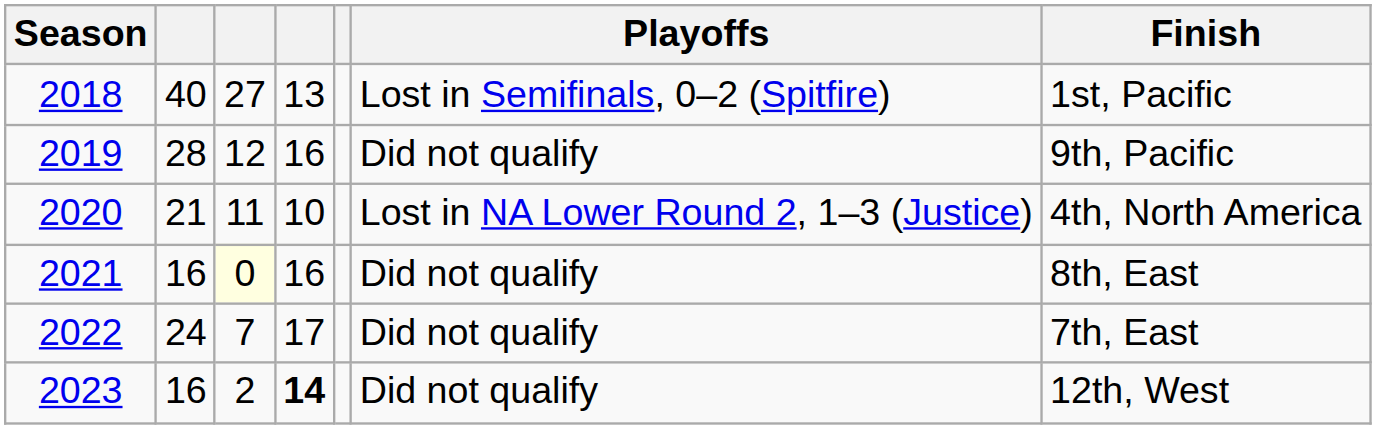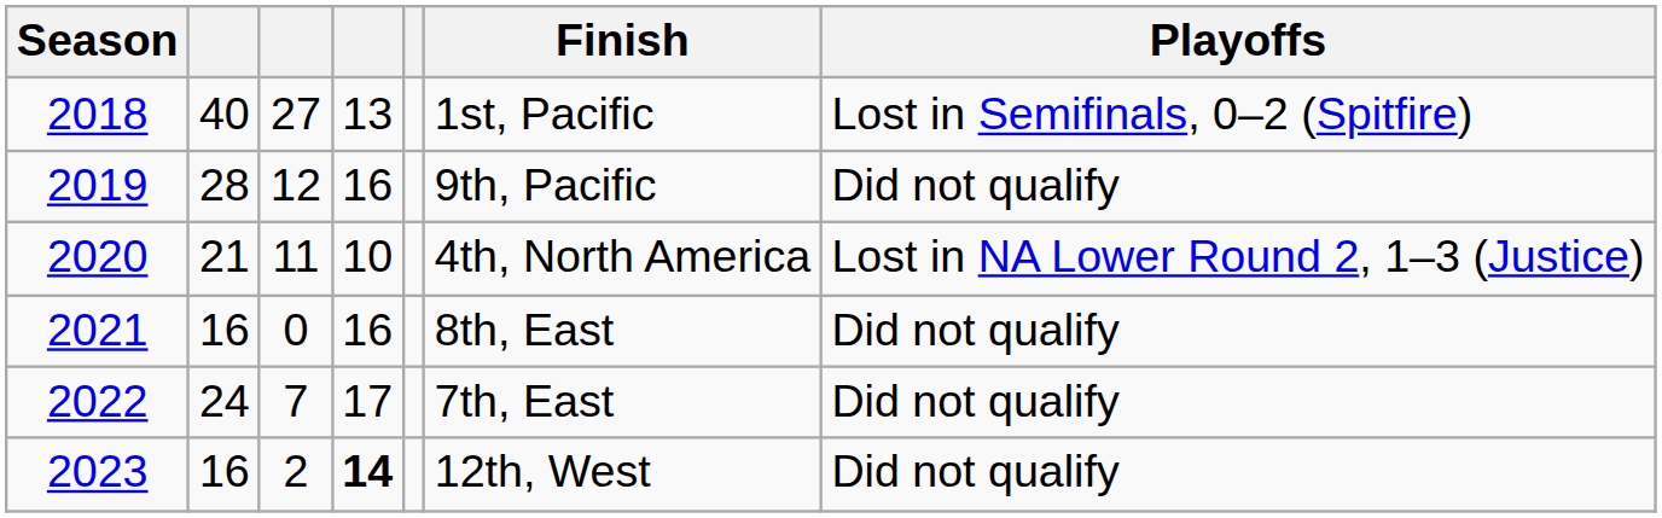 <table class="wikitable" style="text-align:center;">
 <tr>
 <th style="background:#">Season</th>
 <th style="background:#"></th>
 <th style="background:#"></th>
 <th style="background:#"></th>
 <th style="background:#"></th>
+<th style="background:#">Finish</th>
 <th style="background:#">Playoffs</th>
-<th style="background:#">Finish</th>
 </tr>
 <tr>
 <td><a href='#'>2018</a></td>
 <td>40</td>
 <td>27</td>
 <td>13</td>
 <td></td>
+<td style="text-align:left">1st, Pacific</td>
 <td style="text-align:left">Lost in <a href='#'>Semifinals</a>, 0–2 (<a href='#'>Spitfire</a>)</td>
-<td style="text-align:left">1st, Pacific</td>
 </tr>
 <tr>
 <td><a href='#'>2019</a></td>
 <td>28</td>
 <td>12</td>
 <td>16</td>
 <td></td>
+<td style="text-align:left">9th, Pacific</td>
 <td style="text-align:left">Did not qualify</td>
-<td style="text-align:left">9th, Pacific</td>
 </tr>
 <tr>
 <td><a href='#'>2020</a></td>
 <td>21</td>
 <td>11</td>
 <td>10</td>
 <td></td>
+<td style="text-align:left">4th, North America</td>
 <td style="text-align:left">Lost in <a href='#'>NA Lower Round 2</a>, 1–3 (<a href='#'>Justice</a>)</td>
-<td style="text-align:left">4th, North America</td>
 </tr>
 <tr>
 <td><a href='#'>2021</a></td>
 <td>16</td>
-<td style="background: lightyellow;">0</td>
+<td>0</td>
 <td>16</td>
 <td></td>
+<td style="text-align:left">8th, East</td>
 <td style="text-align:left">Did not qualify</td>
-<td style="text-align:left">8th, East</td>
 </tr>
 <tr>
 <td><a href='#'>2022</a></td>
 <td>24</td>
 <td>7</td>
 <td>17</td>
 <td></td>
+<td style="text-align:left">7th, East</td>
 <td style="text-align:left">Did not qualify</td>
-<td style="text-align:left">7th, East</td>
 </tr>
 <tr>
 <td><a href='#'>2023</a></td>
 <td>16</td>
 <td>2</td>
 <td><strong>14</strong></td>
 <td></td>
+<td style="text-align:left">12th, West</td>
 <td style="text-align:left">Did not qualify</td>
-<td style="text-align:left">12th, West</td>
 </tr>
 </table>
